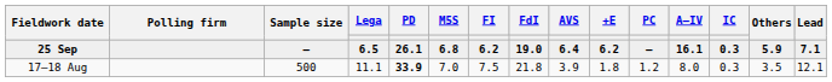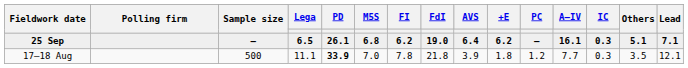 <table class="wikitable mw-collapsible" style="text-align:center;font-size:85%;line-height:13px">
 <tr style="height:30px; background-color:#8B8B8B">
 <th rowspan="2" style="width:100px;">Fieldwork date</th>
 <th rowspan="2" style="width:150px;">Polling firm</th>
 <th rowspan="2" style="width:80px;">Sample size</th>
 <th style="width:35px;"><a href='#'>Lega</a></th>
 <th style="width:35px;"><a href='#'>PD</a></th>
 <th style="width:35px;"><a href='#'>M5S</a></th>
 <th style="width:35px;"><a href='#'>FI</a></th>
 <th style="width:35px;"><a href='#'>FdI</a></th>
 <th style="width:35px;"><a href='#'>AVS</a></th>
 <th style="width:35px;"><a href='#'>+E</a></th>
 <th style="width:35px;"><a href='#'>PC</a></th>
 <th style="width:35px;"><a href='#'>A–IV</a></th>
 <th style="width:35px;"><a href='#'>IC</a></th>
 <th rowspan="2" style="width:35px;">Others</th>
 <th rowspan="2" style="width:25px;">Lead</th>
 </tr>
 <tr>
 <th style="background:"></th>
 <th style="background:"></th>
 <th style="background:"></th>
 <th style="background:"></th>
 <th style="background:"></th>
 <th style="background:"></th>
 <th style="background:"></th>
 <th style="background:"></th>
 <th style="background:"></th>
 <th style="background:"></th>
 </tr>
 <tr style="background:#EFEFEF; font-weight:bold;">
 <td>25 Sep</td>
 <td></td>
 <td>–</td>
 <td>6.5</td>
 <td><strong>26.1</strong></td>
 <td>6.8</td>
 <td>6.2</td>
 <td>19.0</td>
 <td>6.4</td>
 <td>6.2</td>
 <td>–</td>
 <td>16.1</td>
 <td>0.3</td>
-<td>5.9</td>
+<td>5.1</td>
 <td style="background:">7.1</td>
 </tr>
 <tr>
 <td>17–18 Aug</td>
 <td></td>
 <td>500</td>
 <td>11.1</td>
 <td><strong>33.9</strong></td>
 <td>7.0</td>
-<td>7.5</td>
+<td>7.8</td>
 <td>21.8</td>
 <td>3.9</td>
 <td>1.8</td>
 <td>1.2</td>
-<td>8.0</td>
+<td>7.7</td>
 <td>0.3</td>
 <td>3.5</td>
 <td style="background:">12.1</td>
 </tr>
 </table>
